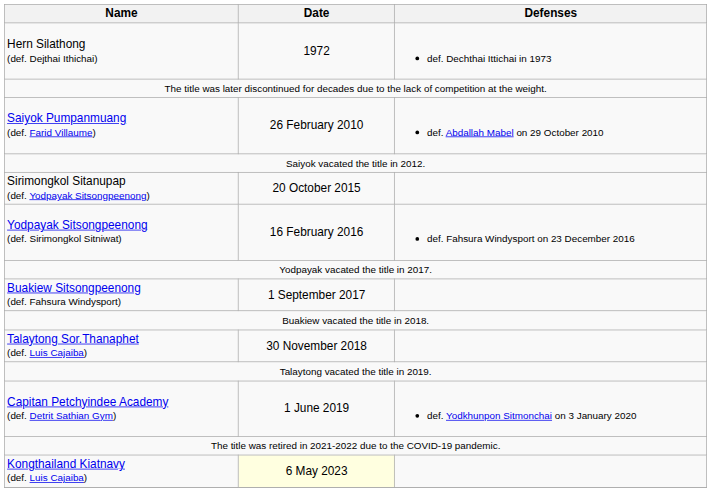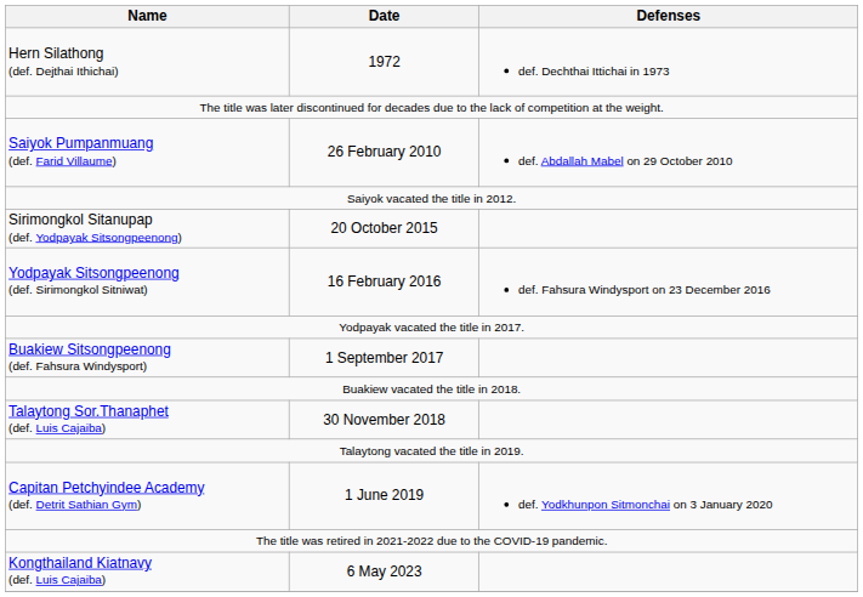 <table class="wikitable" width=60%>
 <tr>
 <th width=30%>Name</th>
 <th width=20%>Date</th>
 <th width=40%>Defenses</th>
 </tr>
 <tr>
 <td align=left> Hern Silathong <br><small>(def. Dejthai Ithichai)</small></td>
 <td align=center>1972</td>
 <td><br><ul><li><small>def. Dechthai Ittichai in 1973</small></li></ul></td>
 </tr>
 <tr>
 <td colspan=4 align=center><small>The title was later discontinued for decades due to the lack of competition at the weight.</small></td>
 </tr>
 <tr>
 <td align=left> <a href='#'>Saiyok Pumpanmuang</a> <br><small>(def. <a href='#'>Farid Villaume</a>)</small></td>
 <td align=center>26 February 2010</td>
 <td><br><ul><li><small>def. <a href='#'>Abdallah Mabel</a> on 29 October 2010</small></li></ul></td>
 </tr>
 <tr>
 <td colspan=4 align=center><small>Saiyok vacated the title in 2012.</small></td>
 </tr>
 <tr>
 <td align=left> Sirimongkol Sitanupap <br><small>(def. <a href='#'>Yodpayak Sitsongpeenong</a>)</small></td>
 <td align=center>20 October 2015</td>
 <td></td>
 </tr>
 <tr>
 <td align=left> <a href='#'>Yodpayak Sitsongpeenong</a> <br><small>(def. Sirimongkol Sitniwat)</small></td>
 <td align=center>16 February 2016</td>
 <td><br><ul><li><small>def. Fahsura Windysport on 23 December 2016</small></li></ul></td>
 </tr>
 <tr>
 <td colspan=4 align=center><small>Yodpayak vacated the title in 2017.</small></td>
 </tr>
 <tr>
 <td align=left> <a href='#'>Buakiew Sitsongpeenong</a> <br><small>(def. Fahsura Windysport)</small></td>
 <td align=center>1 September 2017</td>
 <td></td>
 </tr>
 <tr>
 <td colspan=4 align=center><small>Buakiew vacated the title in 2018.</small></td>
 </tr>
 <tr>
 <td align=left> <a href='#'>Talaytong Sor.Thanaphet</a> <br><small>(def. <a href='#'>Luis Cajaiba</a>)</small></td>
 <td align=center>30 November 2018</td>
 <td></td>
 </tr>
 <tr>
 <td colspan=4 align=center><small>Talaytong vacated the title in 2019.</small></td>
 </tr>
 <tr>
 <td align=left> <a href='#'>Capitan Petchyindee Academy</a> <br><small>(def. <a href='#'>Detrit Sathian Gym</a>)</small></td>
 <td align=center>1 June 2019</td>
 <td><br><ul><li><small>def. <a href='#'>Yodkhunpon Sitmonchai</a> on 3 January 2020</small></li></ul></td>
 </tr>
 <tr>
 <td colspan=4 align=center><small>The title was retired in 2021-2022 due to the COVID-19 pandemic.</small></td>
 </tr>
 <tr>
 <td align=left> <a href='#'>Kongthailand Kiatnavy</a><br><small>(def. <a href='#'>Luis Cajaiba</a>)</small></td>
-<td align=center style="background: lightyellow;">6 May 2023</td>
+<td align=center>6 May 2023</td>
 <td></td>
 </tr>
 <tr>
 </tr>
 </table>
